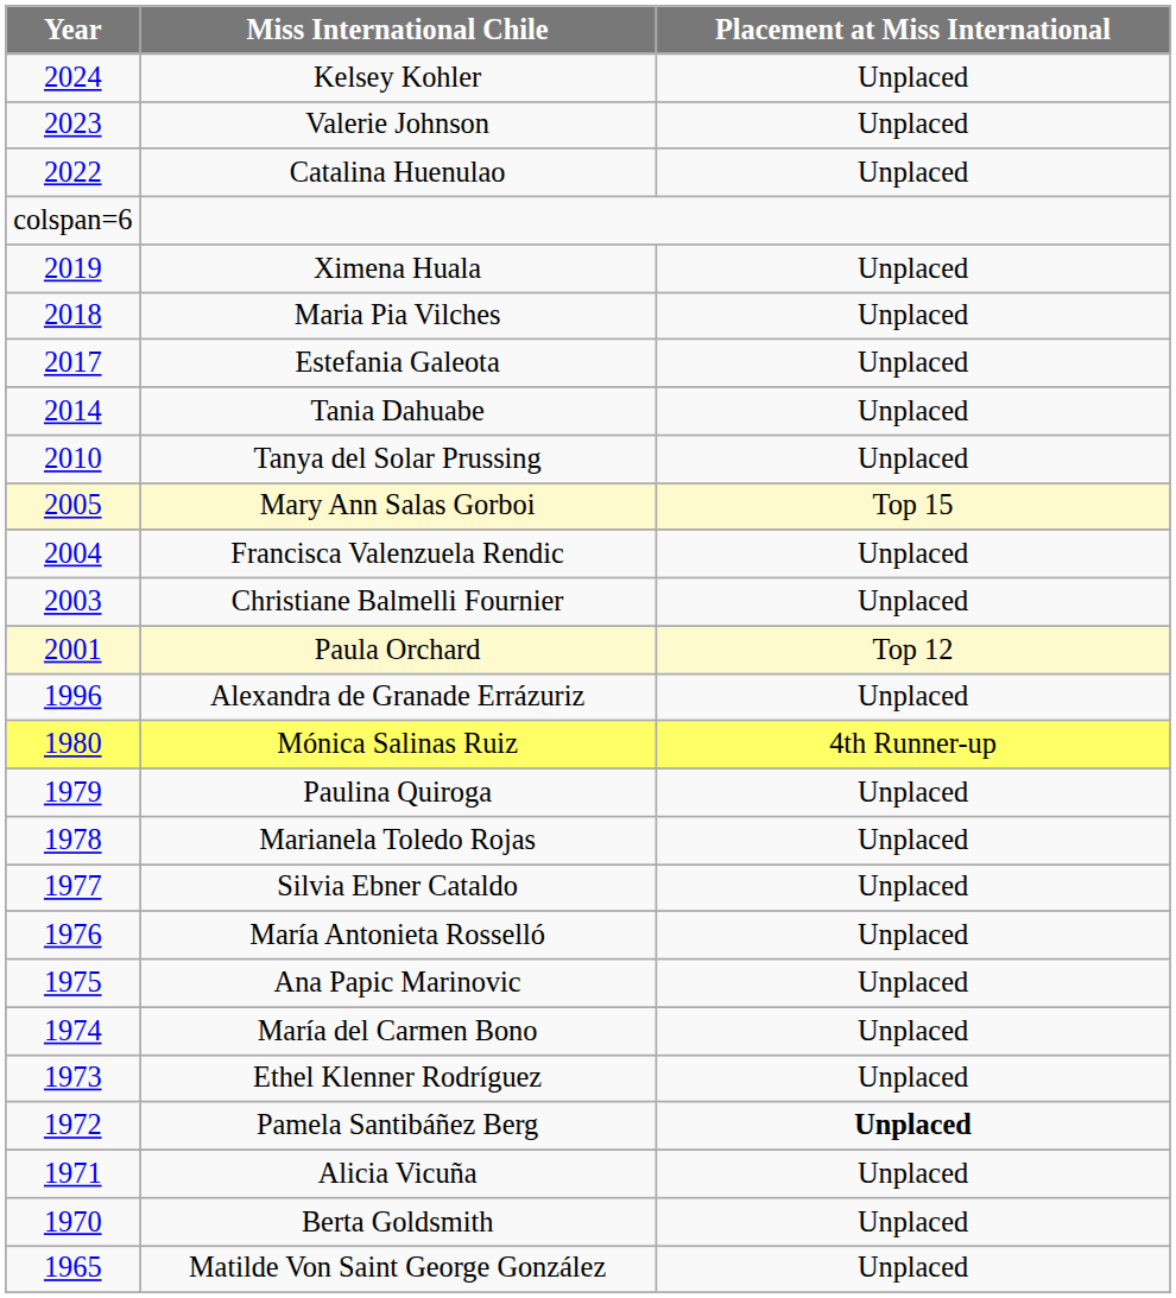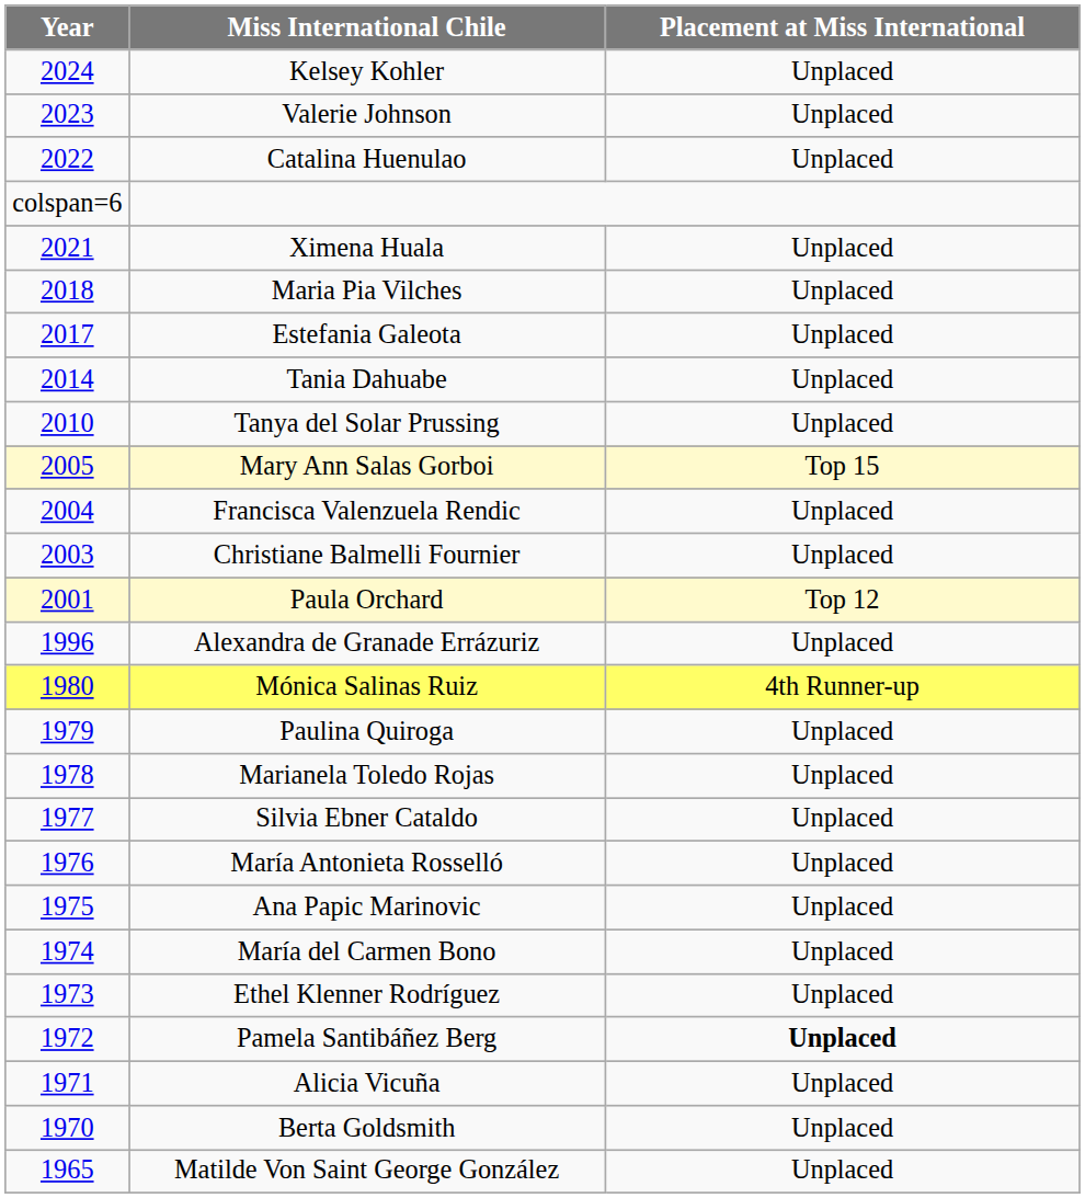 <table class="wikitable sortable" style="font-size: 90%; text-align:center;">
 <tr>
 <th width="60" style="background-color:#787878;color:#FFFFFF;">Year</th>
 <th width="250" style="background-color:#787878;color:#FFFFFF;">Miss International Chile</th>
 <th width="250" style="background-color:#787878;color:#FFFFFF;">Placement at Miss International</th>
 </tr>
 <tr>
 <td><a href='#'>2024</a></td>
 <td>Kelsey Kohler</td>
 <td>Unplaced</td>
 </tr>
 <tr>
 <td><a href='#'>2023</a></td>
 <td>Valerie Johnson</td>
 <td>Unplaced</td>
 </tr>
 <tr>
 <td><a href='#'>2022</a></td>
 <td>Catalina Huenulao</td>
 <td>Unplaced</td>
 </tr>
 <tr>
 <td>colspan=6 </td>
 </tr>
 <tr>
-<td><a href='#'>2019</a></td>
+<td><a href='#'>2021</a></td>
 <td>Ximena Huala</td>
 <td>Unplaced</td>
 </tr>
 <tr>
 <td><a href='#'>2018</a></td>
 <td>Maria Pia Vilches</td>
 <td>Unplaced</td>
 </tr>
 <tr>
 <td><a href='#'>2017</a></td>
 <td>Estefania Galeota</td>
 <td>Unplaced</td>
 </tr>
 <tr>
 <td><a href='#'>2014</a></td>
 <td>Tania Dahuabe</td>
 <td>Unplaced</td>
 </tr>
 <tr>
 <td><a href='#'>2010</a></td>
 <td>Tanya del Solar Prussing</td>
 <td>Unplaced</td>
 </tr>
 <tr style="background-color:#FFFACD;">
 <td><a href='#'>2005</a></td>
 <td>Mary Ann Salas Gorboi</td>
 <td>Top 15</td>
 </tr>
 <tr>
 <td><a href='#'>2004</a></td>
 <td>Francisca Valenzuela Rendic</td>
 <td>Unplaced</td>
 </tr>
 <tr>
 <td><a href='#'>2003</a></td>
 <td>Christiane Balmelli Fournier</td>
 <td>Unplaced</td>
 </tr>
 <tr style="background-color:#FFFACD;">
 <td><a href='#'>2001</a></td>
 <td>Paula Orchard</td>
 <td>Top 12</td>
 </tr>
 <tr>
 <td><a href='#'>1996</a></td>
 <td>Alexandra de Granade Errázuriz</td>
 <td>Unplaced</td>
 </tr>
 <tr style="background-color:#FFFF66;">
 <td><a href='#'>1980</a></td>
 <td>Mónica Salinas Ruiz</td>
 <td>4th Runner-up</td>
 </tr>
 <tr>
 <td><a href='#'>1979</a></td>
 <td>Paulina Quiroga</td>
 <td>Unplaced</td>
 </tr>
 <tr>
 <td><a href='#'>1978</a></td>
 <td>Marianela Toledo Rojas</td>
 <td>Unplaced</td>
 </tr>
 <tr>
 <td><a href='#'>1977</a></td>
 <td>Silvia Ebner Cataldo</td>
 <td>Unplaced</td>
 </tr>
 <tr>
 <td><a href='#'>1976</a></td>
 <td>María Antonieta Rosselló</td>
 <td>Unplaced</td>
 </tr>
 <tr>
 <td><a href='#'>1975</a></td>
 <td>Ana Papic Marinovic</td>
 <td>Unplaced</td>
 </tr>
 <tr>
 <td><a href='#'>1974</a></td>
 <td>María del Carmen Bono</td>
 <td>Unplaced</td>
 </tr>
 <tr>
 <td><a href='#'>1973</a></td>
 <td>Ethel Klenner Rodríguez</td>
 <td>Unplaced</td>
 </tr>
 <tr>
 <td><a href='#'>1972</a></td>
 <td>Pamela Santibáñez Berg</td>
 <td><strong>Unplaced</strong></td>
 </tr>
 <tr>
 <td><a href='#'>1971</a></td>
 <td>Alicia Vicuña</td>
 <td>Unplaced</td>
 </tr>
 <tr>
 <td><a href='#'>1970</a></td>
 <td>Berta Goldsmith</td>
 <td>Unplaced</td>
 </tr>
 <tr>
 <td><a href='#'>1965</a></td>
 <td>Matilde Von Saint George González</td>
 <td>Unplaced</td>
 </tr>
 </table>
